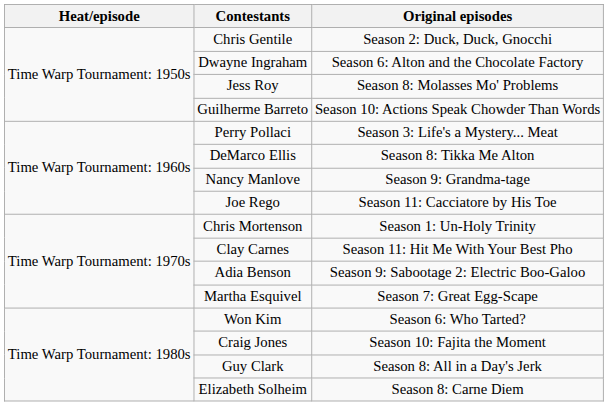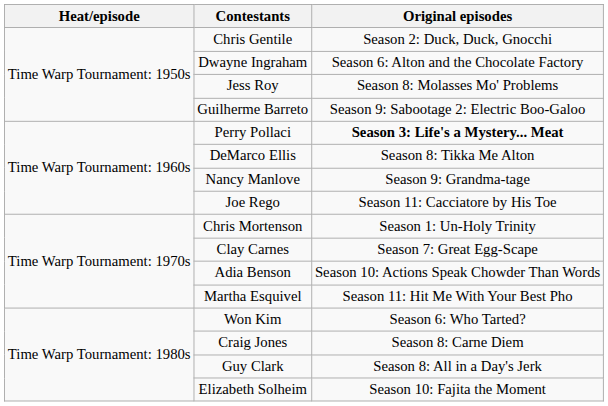 <table class="wikitable" style="text-align:center">
 <tr>
 <th>Heat/episode</th>
 <th>Contestants</th>
 <th>Original episodes</th>
 </tr>
 <tr>
 <td rowspan="4">Time Warp Tournament: 1950s</td>
 <td>Chris Gentile</td>
 <td>Season 2: Duck, Duck, Gnocchi</td>
 </tr>
 <tr>
 <td>Dwayne Ingraham</td>
 <td>Season 6: Alton and the Chocolate Factory</td>
 </tr>
 <tr>
 <td>Jess Roy</td>
 <td>Season 8: Molasses Mo' Problems</td>
 </tr>
 <tr>
 <td>Guilherme Barreto</td>
-<td>Season 10: Actions Speak Chowder Than Words</td>
+<td>Season 9: Sabootage 2: Electric Boo-Galoo</td>
 </tr>
 <tr>
 <td rowspan="4">Time Warp Tournament: 1960s</td>
 <td>Perry Pollaci</td>
-<td>Season 3: Life's a Mystery... Meat</td>
+<td><strong>Season 3: Life's a Mystery... Meat</strong></td>
 </tr>
 <tr>
 <td>DeMarco Ellis</td>
 <td>Season 8: Tikka Me Alton</td>
 </tr>
 <tr>
 <td>Nancy Manlove</td>
 <td>Season 9: Grandma-tage</td>
 </tr>
 <tr>
 <td>Joe Rego</td>
 <td>Season 11: Cacciatore by His Toe</td>
 </tr>
 <tr>
 <td rowspan="4">Time Warp Tournament: 1970s</td>
 <td>Chris Mortenson</td>
 <td>Season 1: Un-Holy Trinity</td>
 </tr>
 <tr>
 <td>Clay Carnes</td>
-<td>Season 11: Hit Me With Your Best Pho</td>
+<td>Season 7: Great Egg-Scape</td>
 </tr>
 <tr>
 <td>Adia Benson</td>
-<td>Season 9: Sabootage 2: Electric Boo-Galoo</td>
+<td>Season 10: Actions Speak Chowder Than Words</td>
 </tr>
 <tr>
 <td>Martha Esquivel</td>
-<td>Season 7: Great Egg-Scape</td>
+<td>Season 11: Hit Me With Your Best Pho</td>
 </tr>
 <tr>
 <td rowspan="4">Time Warp Tournament: 1980s</td>
 <td>Won Kim</td>
 <td>Season 6: Who Tarted?</td>
 </tr>
 <tr>
 <td>Craig Jones</td>
-<td>Season 10: Fajita the Moment</td>
+<td>Season 8: Carne Diem</td>
 </tr>
 <tr>
 <td>Guy Clark</td>
 <td>Season 8: All in a Day's Jerk</td>
 </tr>
 <tr>
 <td>Elizabeth Solheim</td>
-<td>Season 8: Carne Diem</td>
+<td>Season 10: Fajita the Moment</td>
 </tr>
 </table>
